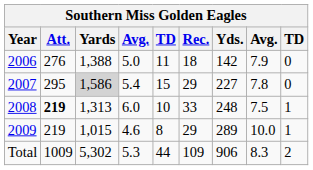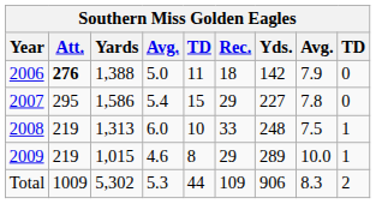 <table class="wikitable">
 <tr>
 <th colspan="13">Southern Miss Golden Eagles</th>
 </tr>
 <tr>
 <th>Year</th>
 <th><a href='#'>Att.</a></th>
 <th>Yards</th>
 <th><a href='#'>Avg.</a></th>
 <th><a href='#'>TD</a></th>
 <th><a href='#'>Rec.</a></th>
 <th>Yds.</th>
 <th>Avg.</th>
 <th>TD</th>
 </tr>
 <tr>
 <td><a href='#'>2006</a></td>
-<td>276</td>
+<td><strong>276</strong></td>
 <td>1,388</td>
 <td>5.0</td>
 <td>11</td>
 <td>18</td>
 <td>142</td>
 <td>7.9</td>
 <td>0</td>
 </tr>
 <tr>
 <td><a href='#'>2007</a></td>
 <td>295</td>
-<td style="background: lightgrey;">1,586</td>
+<td>1,586</td>
 <td>5.4</td>
 <td>15</td>
 <td>29</td>
 <td>227</td>
 <td>7.8</td>
 <td>0</td>
 </tr>
 <tr>
 <td><a href='#'>2008</a></td>
-<td><strong>219</strong></td>
+<td>219</td>
 <td>1,313</td>
 <td>6.0</td>
 <td>10</td>
 <td>33</td>
 <td>248</td>
 <td>7.5</td>
 <td>1</td>
 </tr>
 <tr>
 <td><a href='#'>2009</a></td>
 <td>219</td>
 <td>1,015</td>
 <td>4.6</td>
 <td>8</td>
 <td>29</td>
 <td>289</td>
 <td>10.0</td>
 <td>1</td>
 </tr>
 <tr>
 <td>Total</td>
 <td>1009</td>
 <td>5,302</td>
 <td>5.3</td>
 <td>44</td>
 <td>109</td>
 <td>906</td>
 <td>8.3</td>
 <td>2</td>
 </tr>
 </table>
